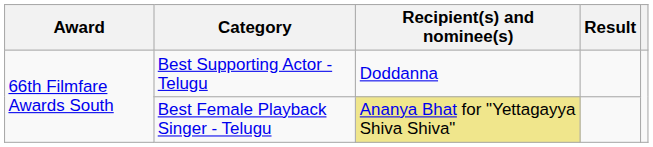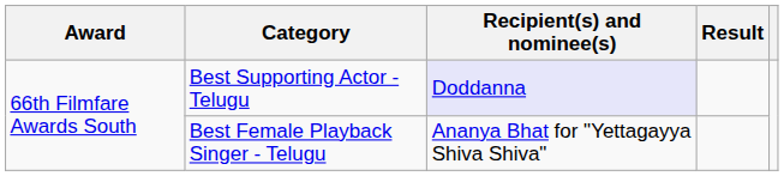 <table class="wikitable sortable">
 <tr>
 <th>Award</th>
 <th>Category</th>
 <th>Recipient(s) and nominee(s)</th>
 <th>Result</th>
 <th scope="col" class="unsortable" ></th>
 </tr>
 <tr>
 <td rowspan="2"><a href='#'>66th Filmfare Awards South</a></td>
 <td><a href='#'>Best Supporting Actor - Telugu</a></td>
-<td><a href='#'>Doddanna</a></td>
+<td style="background: lavender;"><a href='#'>Doddanna</a></td>
 <td></td>
 <td style="text-align:center;"  rowspan="2"></td>
 </tr>
 <tr>
 <td><a href='#'>Best Female Playback Singer - Telugu</a></td>
-<td style="background: khaki;"><a href='#'>Ananya Bhat</a> for  "Yettagayya Shiva Shiva"</td>
+<td><a href='#'>Ananya Bhat</a> for  "Yettagayya Shiva Shiva"</td>
 <td></td>
 </tr>
 </table>
